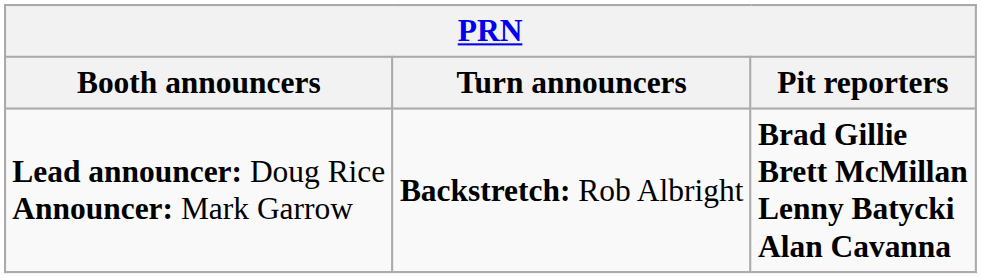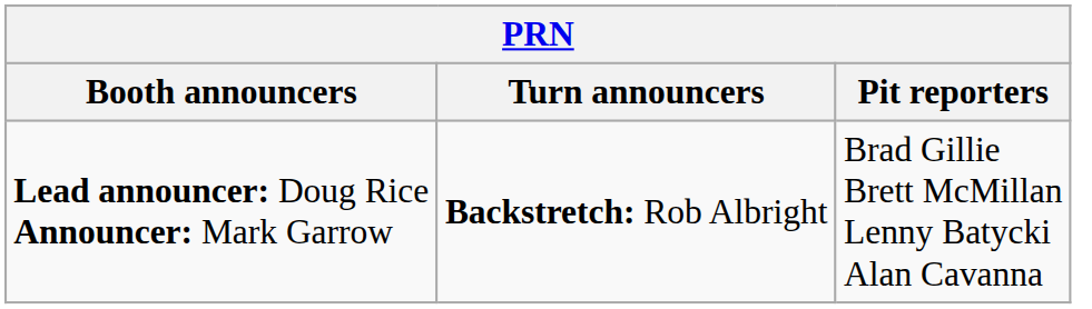 <table class="wikitable" style="font-size: 95%">
 <tr>
 <th colspan="3"><a href='#'>PRN</a></th>
 </tr>
 <tr>
 <th>Booth announcers</th>
 <th>Turn announcers</th>
 <th>Pit reporters</th>
 </tr>
 <tr>
 <td><strong>Lead announcer:</strong> Doug Rice<br><strong>Announcer:</strong> Mark Garrow</td>
 <td><strong>Backstretch:</strong> Rob Albright</td>
-<td><strong>Brad Gillie<br>Brett McMillan<br>Lenny Batycki<br>Alan Cavanna</strong></td>
+<td>Brad Gillie<br>Brett McMillan<br>Lenny Batycki<br>Alan Cavanna</td>
 </tr>
 </table>
